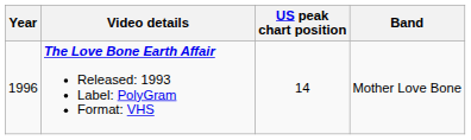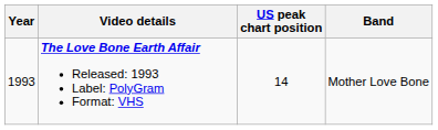 <table class="wikitable">
 <tr>
 <th>Year</th>
 <th style="width:250px;">Video details</th>
 <th><a href='#'>US</a> peak<br>chart position</th>
 <th>Band</th>
 </tr>
 <tr>
-<td>1996</td>
+<td>1993</td>
 <td style="text-align:left;"><strong><em><a href='#'>The Love Bone Earth Affair</a></em></strong><br><ul><li>Released: 1993</li><li>Label: <a href='#'>PolyGram</a></li><li>Format: <a href='#'>VHS</a></li></ul></td>
 <td style="text-align:center;">14</td>
 <td>Mother Love Bone</td>
 </tr>
 </table>
